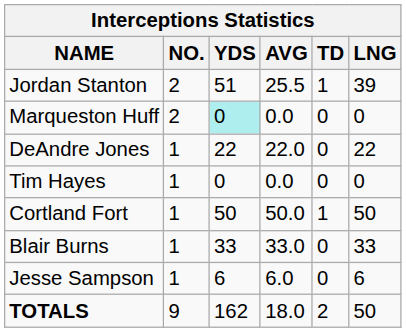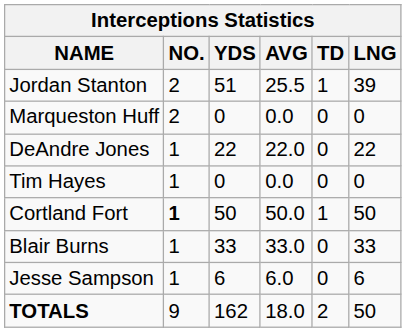 <table class="wikitable sortable collapsible collapsed">
 <tr>
 <th colspan="16">Interceptions Statistics</th>
 </tr>
 <tr>
 <th>NAME</th>
 <th>NO.</th>
 <th>YDS</th>
 <th>AVG</th>
 <th>TD</th>
 <th>LNG</th>
 </tr>
 <tr>
 <td>Jordan Stanton</td>
 <td>2</td>
 <td>51</td>
 <td>25.5</td>
 <td>1</td>
 <td>39</td>
 </tr>
 <tr>
 <td>Marqueston Huff</td>
 <td>2</td>
-<td style="background: paleturquoise;">0</td>
+<td>0</td>
 <td>0.0</td>
 <td>0</td>
 <td>0</td>
 </tr>
 <tr>
 <td>DeAndre Jones</td>
 <td>1</td>
 <td>22</td>
 <td>22.0</td>
 <td>0</td>
 <td>22</td>
 </tr>
 <tr>
 <td>Tim Hayes</td>
 <td>1</td>
 <td>0</td>
 <td>0.0</td>
 <td>0</td>
 <td>0</td>
 </tr>
 <tr>
 <td>Cortland Fort</td>
-<td>1</td>
+<td><strong>1</strong></td>
 <td>50</td>
 <td>50.0</td>
 <td>1</td>
 <td>50</td>
 </tr>
 <tr>
 <td>Blair Burns</td>
 <td>1</td>
 <td>33</td>
 <td>33.0</td>
 <td>0</td>
 <td>33</td>
 </tr>
 <tr>
 <td>Jesse Sampson</td>
 <td>1</td>
 <td>6</td>
 <td>6.0</td>
 <td>0</td>
 <td>6</td>
 </tr>
 <tr>
 <td><strong>TOTALS</strong></td>
 <td>9</td>
 <td>162</td>
 <td>18.0</td>
 <td>2</td>
 <td>50</td>
 </tr>
 </table>
